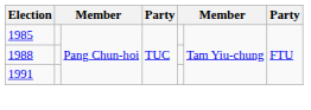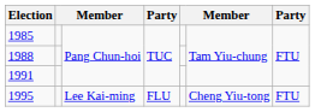 <table class="wikitable">
 <tr>
 <th>Election</th>
 <th colspan=2>Member</th>
 <th>Party</th>
 <th colspan="2">Member</th>
 <th>Party</th>
 </tr>
 <tr>
 <td><a href='#'>1985</a></td>
 <td style="background-color: "></td>
 <td rowspan=3><a href='#'>Pang Chun-hoi</a></td>
 <td rowspan=3><a href='#'>TUC</a></td>
 <td style="background-color: "></td>
 <td rowspan=3><a href='#'>Tam Yiu-chung</a></td>
 <td rowspan=3><a href='#'>FTU</a></td>
 </tr>
 <tr>
 <td><a href='#'>1988</a></td>
 <td style="background-color: "></td>
 <td style="background-color: "></td>
 </tr>
 <tr>
 <td><a href='#'>1991</a></td>
 <td style="background-color: "></td>
 <td style="background-color: "></td>
 </tr>
+<tr>
+<td><a href='#'>1995</a></td>
+<td style="background-color: "></td>
+<td><a href='#'>Lee Kai-ming</a></td>
+<td><a href='#'>FLU</a></td>
+<td style="background-color: "></td>
+<td><a href='#'>Cheng Yiu-tong</a></td>
+<td><a href='#'>FTU</a></td>
+</tr>
 </table>
